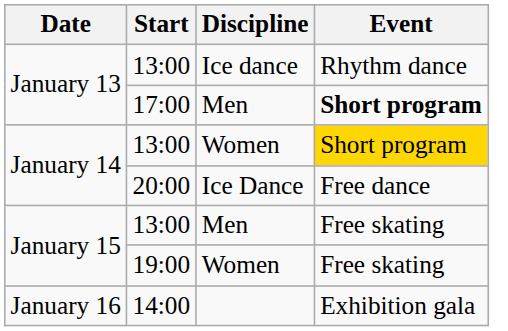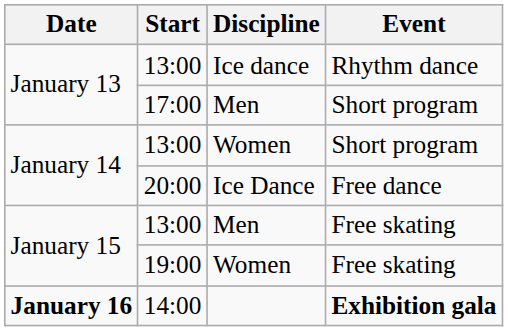 <table class="wikitable">
 <tr>
 <th>Date</th>
 <th>Start</th>
 <th>Discipline</th>
 <th>Event</th>
 </tr>
 <tr>
 <td rowspan="2">January 13</td>
 <td>13:00</td>
 <td>Ice dance</td>
 <td>Rhythm dance</td>
 </tr>
 <tr>
 <td>17:00</td>
 <td>Men</td>
-<td><strong>Short program</strong></td>
+<td>Short program</td>
 </tr>
 <tr>
 <td rowspan="2">January 14</td>
 <td>13:00</td>
 <td>Women</td>
-<td style="background: gold;">Short program</td>
+<td>Short program</td>
 </tr>
 <tr>
 <td>20:00</td>
 <td>Ice Dance</td>
 <td>Free dance</td>
 </tr>
 <tr>
 <td rowspan="2">January 15</td>
 <td>13:00</td>
 <td>Men</td>
 <td>Free skating</td>
 </tr>
 <tr>
 <td>19:00</td>
 <td>Women</td>
 <td>Free skating</td>
 </tr>
 <tr>
-<td>January 16</td>
+<td><strong>January 16</strong></td>
 <td>14:00</td>
 <td></td>
-<td>Exhibition gala</td>
+<td><strong>Exhibition gala</strong></td>
 </tr>
 </table>
